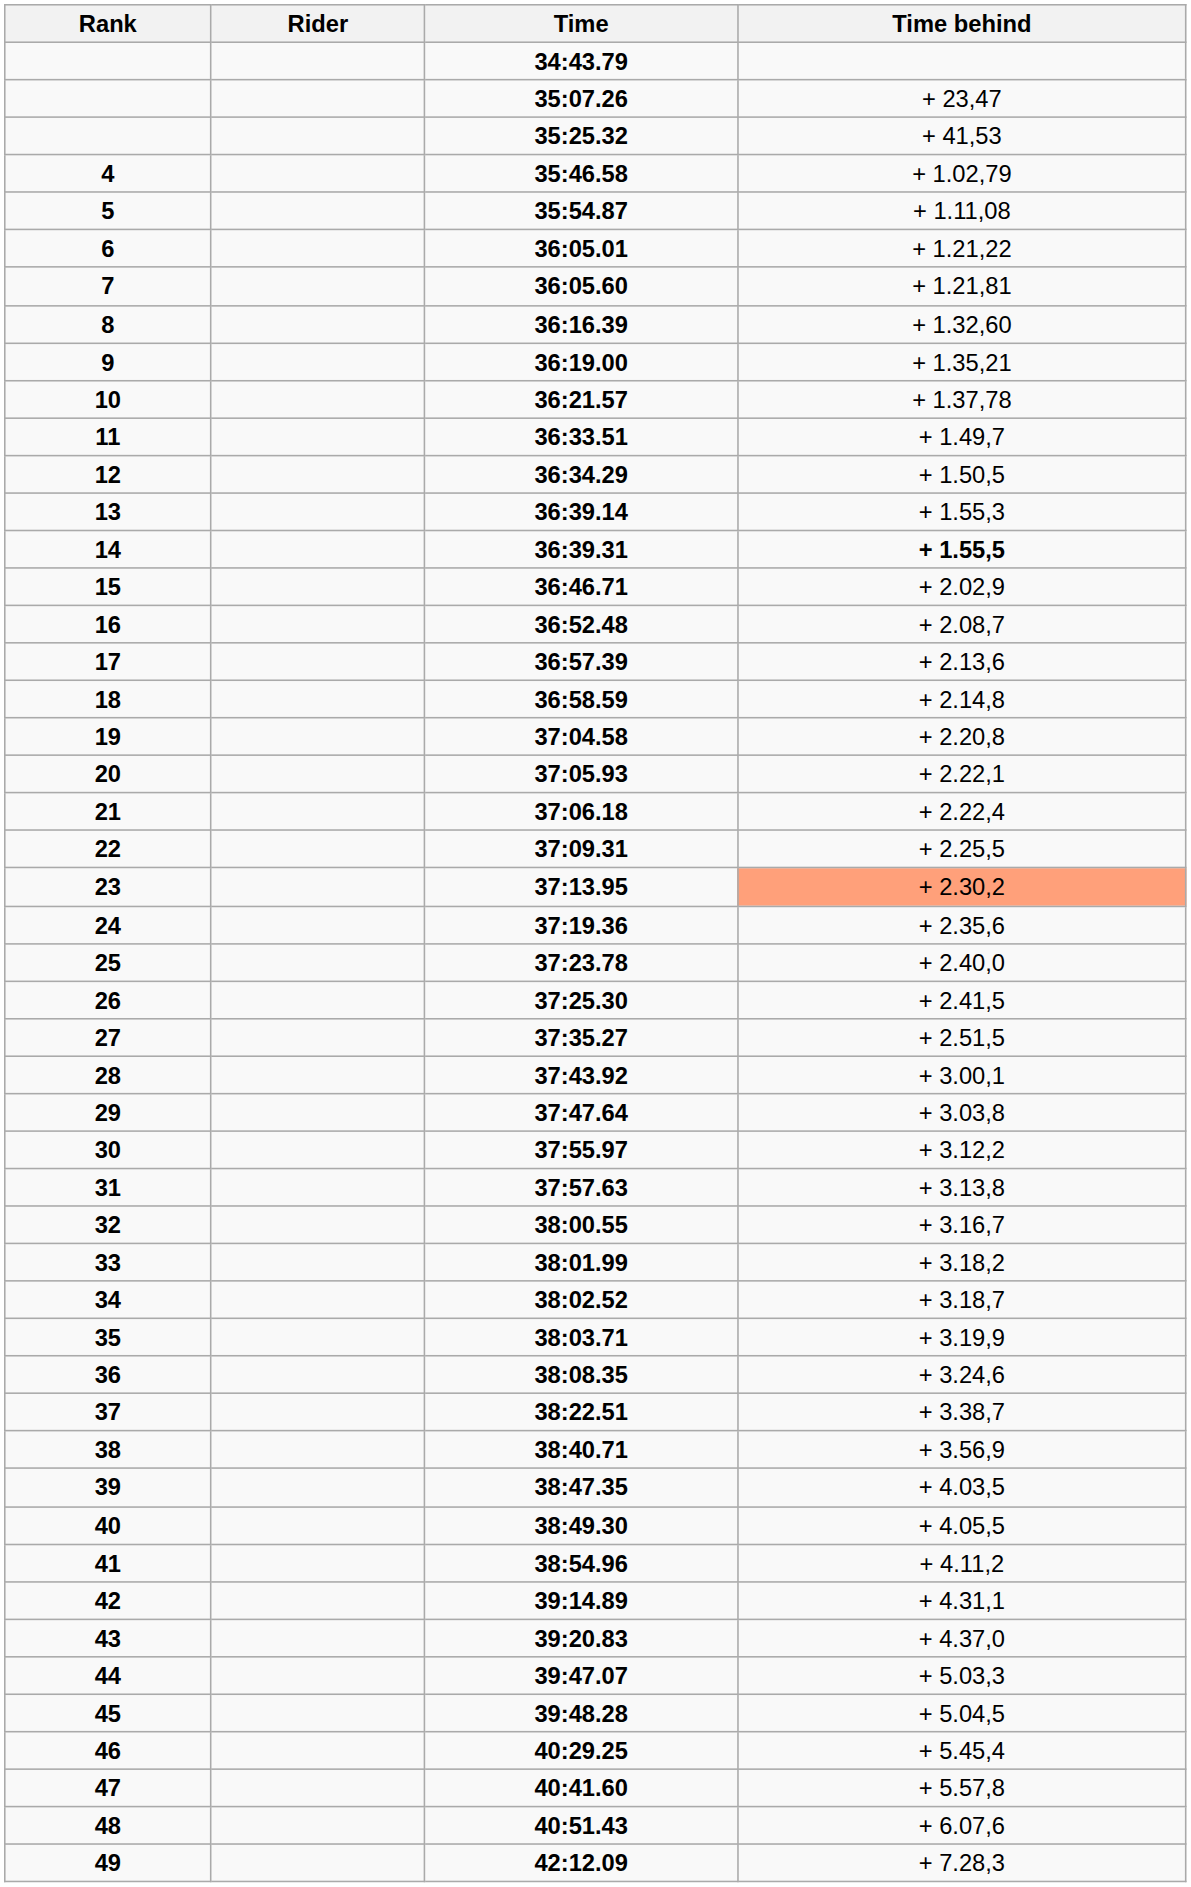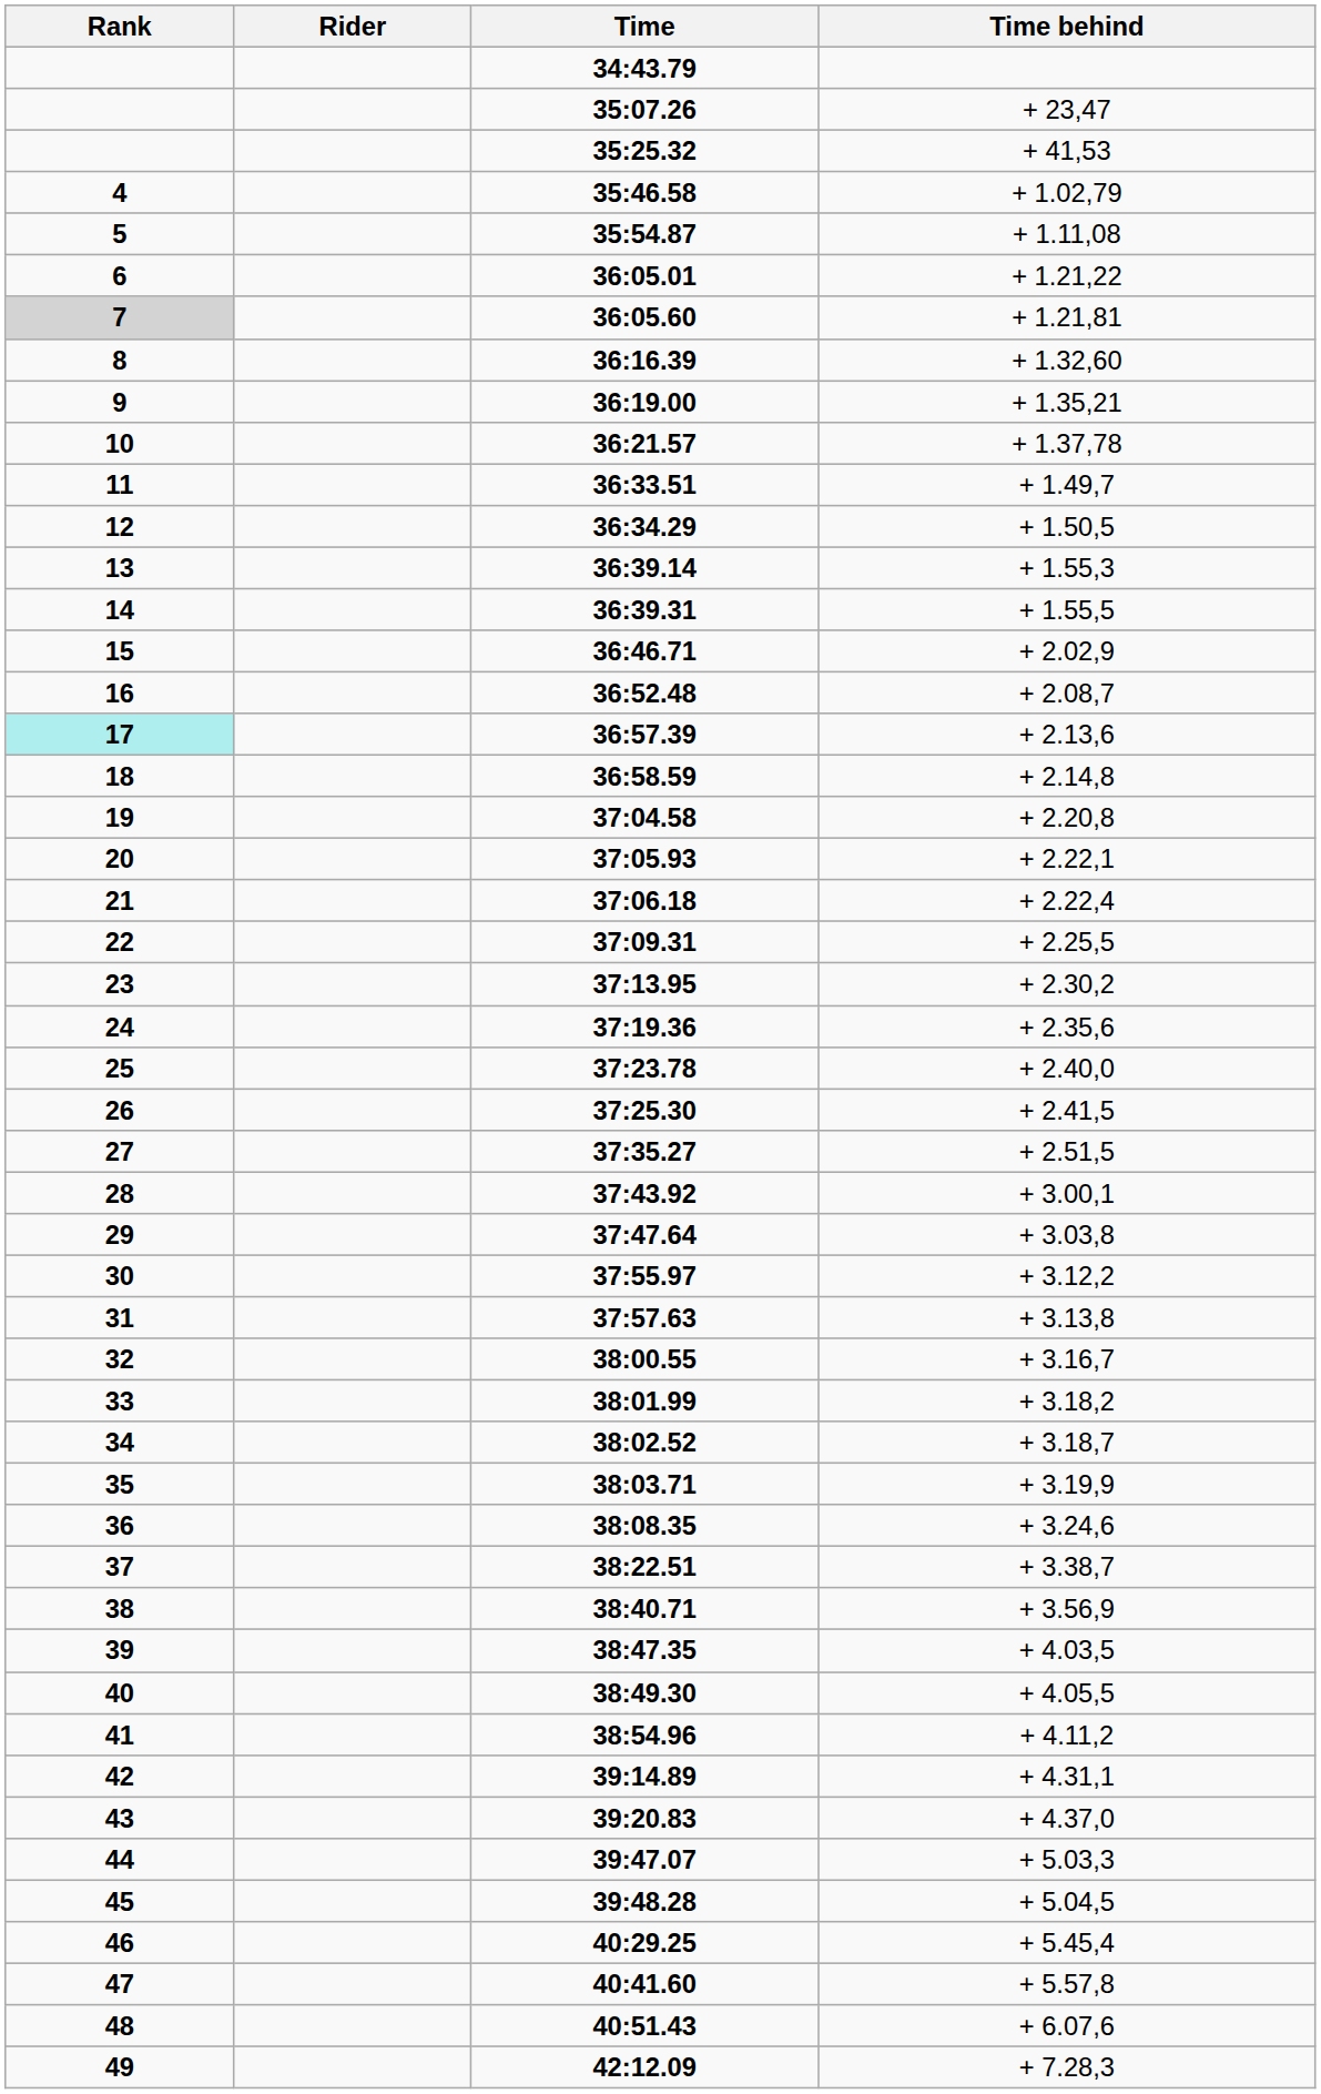 <table class=wikitable  style="text-align:center; font-size:95%;" width="60%">
 <tr>
 <th>Rank</th>
 <th>Rider</th>
 <th>Time</th>
 <th>Time behind</th>
 </tr>
 <tr>
 <td></td>
 <td align="left"></td>
 <td><strong>34:43.79</strong></td>
 </tr>
 <tr>
 <td></td>
 <td align="left"></td>
 <td><strong>35:07.26</strong></td>
 <td>+ 23,47</td>
 </tr>
 <tr>
 <td></td>
 <td align="left"></td>
 <td><strong>35:25.32</strong></td>
 <td>+ 41,53</td>
 </tr>
 <tr>
 <td><strong>4</strong></td>
 <td align="left"></td>
 <td><strong>35:46.58</strong></td>
 <td>+ 1.02,79</td>
 </tr>
 <tr>
 <td><strong>5</strong></td>
 <td align="left"></td>
 <td><strong>35:54.87</strong></td>
 <td>+ 1.11,08</td>
 </tr>
 <tr>
 <td><strong>6</strong></td>
 <td align="left"></td>
 <td><strong>36:05.01</strong></td>
 <td>+ 1.21,22</td>
 </tr>
 <tr>
-<td><strong>7</strong></td>
+<td style="background: lightgrey;"><strong>7</strong></td>
 <td align="left"></td>
 <td><strong>36:05.60</strong></td>
 <td>+ 1.21,81</td>
 </tr>
 <tr>
 <td><strong>8</strong></td>
 <td align="left"></td>
 <td><strong>36:16.39</strong></td>
 <td>+ 1.32,60</td>
 </tr>
 <tr>
 <td><strong>9</strong></td>
 <td align="left"></td>
 <td><strong>36:19.00</strong></td>
 <td>+ 1.35,21</td>
 </tr>
 <tr>
 <td><strong>10</strong></td>
 <td align="left"></td>
 <td><strong>36:21.57</strong></td>
 <td>+ 1.37,78</td>
 </tr>
 <tr>
 <td><strong>11</strong></td>
 <td align="left"></td>
 <td><strong>36:33.51</strong></td>
 <td>+ 1.49,7</td>
 </tr>
 <tr>
 <td><strong>12</strong></td>
 <td align="left"></td>
 <td><strong>36:34.29</strong></td>
 <td>+ 1.50,5</td>
 </tr>
 <tr>
 <td><strong>13</strong></td>
 <td align="left"></td>
 <td><strong>36:39.14</strong></td>
 <td>+ 1.55,3</td>
 </tr>
 <tr>
 <td><strong>14</strong></td>
 <td align="left"></td>
 <td><strong>36:39.31</strong></td>
-<td><strong>+ 1.55,5</strong></td>
+<td>+ 1.55,5</td>
 </tr>
 <tr>
 <td><strong>15</strong></td>
 <td align="left"></td>
 <td><strong>36:46.71</strong></td>
 <td>+ 2.02,9</td>
 </tr>
 <tr>
 <td><strong>16</strong></td>
 <td align="left"></td>
 <td><strong>36:52.48</strong></td>
 <td>+ 2.08,7</td>
 </tr>
 <tr>
-<td><strong>17</strong></td>
+<td style="background: paleturquoise;"><strong>17</strong></td>
 <td align="left"></td>
 <td><strong>36:57.39</strong></td>
 <td>+ 2.13,6</td>
 </tr>
 <tr>
 <td><strong>18</strong></td>
 <td align="left"></td>
 <td><strong>36:58.59</strong></td>
 <td>+ 2.14,8</td>
 </tr>
 <tr>
 <td><strong>19</strong></td>
 <td align="left"></td>
 <td><strong>37:04.58</strong></td>
 <td>+ 2.20,8</td>
 </tr>
 <tr>
 <td><strong>20</strong></td>
 <td align="left"></td>
 <td><strong>37:05.93</strong></td>
 <td>+ 2.22,1</td>
 </tr>
 <tr>
 <td><strong>21</strong></td>
 <td align="left"></td>
 <td><strong>37:06.18</strong></td>
 <td>+ 2.22,4</td>
 </tr>
 <tr>
 <td><strong>22</strong></td>
 <td align="left"></td>
 <td><strong>37:09.31</strong></td>
 <td>+ 2.25,5</td>
 </tr>
 <tr>
 <td><strong>23</strong></td>
 <td align="left"></td>
 <td><strong>37:13.95</strong></td>
-<td style="background: lightsalmon;">+ 2.30,2</td>
+<td>+ 2.30,2</td>
 </tr>
 <tr>
 <td><strong>24</strong></td>
 <td align="left"></td>
 <td><strong>37:19.36</strong></td>
 <td>+ 2.35,6</td>
 </tr>
 <tr>
 <td><strong>25</strong></td>
 <td align="left"></td>
 <td><strong>37:23.78</strong></td>
 <td>+ 2.40,0</td>
 </tr>
 <tr>
 <td><strong>26</strong></td>
 <td align="left"></td>
 <td><strong>37:25.30</strong></td>
 <td>+ 2.41,5</td>
 </tr>
 <tr>
 <td><strong>27</strong></td>
 <td align="left"></td>
 <td><strong>37:35.27</strong></td>
 <td>+ 2.51,5</td>
 </tr>
 <tr>
 <td><strong>28</strong></td>
 <td align="left"></td>
 <td><strong>37:43.92</strong></td>
 <td>+ 3.00,1</td>
 </tr>
 <tr>
 <td><strong>29</strong></td>
 <td align="left"></td>
 <td><strong>37:47.64</strong></td>
 <td>+ 3.03,8</td>
 </tr>
 <tr>
 <td><strong>30</strong></td>
 <td align="left"></td>
 <td><strong>37:55.97</strong></td>
 <td>+ 3.12,2</td>
 </tr>
 <tr>
 <td><strong>31</strong></td>
 <td align="left"></td>
 <td><strong>37:57.63</strong></td>
 <td>+ 3.13,8</td>
 </tr>
 <tr>
 <td><strong>32</strong></td>
 <td align="left"></td>
 <td><strong>38:00.55</strong></td>
 <td>+ 3.16,7</td>
 </tr>
 <tr>
 <td><strong>33</strong></td>
 <td align="left"></td>
 <td><strong>38:01.99</strong></td>
 <td>+ 3.18,2</td>
 </tr>
 <tr>
 <td><strong>34</strong></td>
 <td align="left"></td>
 <td><strong>38:02.52</strong></td>
 <td>+ 3.18,7</td>
 </tr>
 <tr>
 <td><strong>35</strong></td>
 <td align="left"></td>
 <td><strong>38:03.71</strong></td>
 <td>+ 3.19,9</td>
 </tr>
 <tr>
 <td><strong>36</strong></td>
 <td align="left"></td>
 <td><strong>38:08.35</strong></td>
 <td>+ 3.24,6</td>
 </tr>
 <tr>
 <td><strong>37</strong></td>
 <td align="left"></td>
 <td><strong>38:22.51</strong></td>
 <td>+ 3.38,7</td>
 </tr>
 <tr>
 <td><strong>38</strong></td>
 <td align="left"></td>
 <td><strong>38:40.71</strong></td>
 <td>+ 3.56,9</td>
 </tr>
 <tr>
 <td><strong>39</strong></td>
 <td align="left"></td>
 <td><strong>38:47.35</strong></td>
 <td>+ 4.03,5</td>
 </tr>
 <tr>
 <td><strong>40</strong></td>
 <td align="left"></td>
 <td><strong>38:49.30</strong></td>
 <td>+ 4.05,5</td>
 </tr>
 <tr>
 <td><strong>41</strong></td>
 <td align="left"></td>
 <td><strong>38:54.96</strong></td>
 <td>+ 4.11,2</td>
 </tr>
 <tr>
 <td><strong>42</strong></td>
 <td align="left"></td>
 <td><strong>39:14.89</strong></td>
 <td>+ 4.31,1</td>
 </tr>
 <tr>
 <td><strong>43</strong></td>
 <td align="left"></td>
 <td><strong>39:20.83</strong></td>
 <td>+ 4.37,0</td>
 </tr>
 <tr>
 <td><strong>44</strong></td>
 <td align="left"></td>
 <td><strong>39:47.07</strong></td>
 <td>+ 5.03,3</td>
 </tr>
 <tr>
 <td><strong>45</strong></td>
 <td align="left"></td>
 <td><strong>39:48.28</strong></td>
 <td>+ 5.04,5</td>
 </tr>
 <tr>
 <td><strong>46</strong></td>
 <td align="left"></td>
 <td><strong>40:29.25</strong></td>
 <td>+ 5.45,4</td>
 </tr>
 <tr>
 <td><strong>47</strong></td>
 <td align="left"></td>
 <td><strong>40:41.60</strong></td>
 <td>+ 5.57,8</td>
 </tr>
 <tr>
 <td><strong>48</strong></td>
 <td align="left"></td>
 <td><strong>40:51.43</strong></td>
 <td>+ 6.07,6</td>
 </tr>
 <tr>
 <td><strong>49</strong></td>
 <td align="left"></td>
 <td><strong>42:12.09</strong></td>
 <td>+ 7.28,3</td>
 </tr>
 </table>
